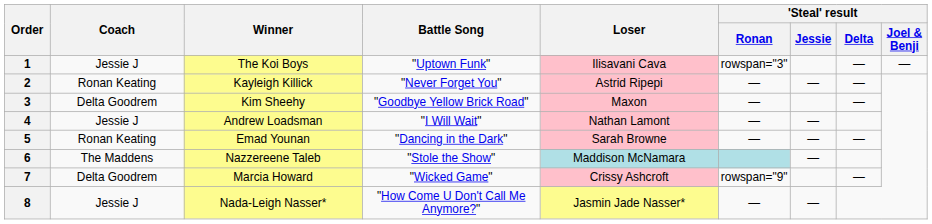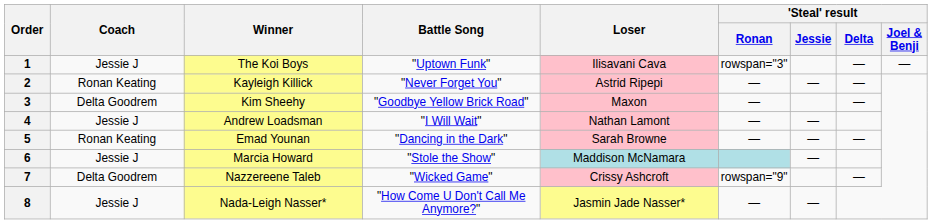 <table class="wikitable" style="text-align: center; width: auto;">
 <tr>
 <th rowspan="2" style="width:5%;">Order</th>
 <th rowspan="2" style="width:15%;">Coach</th>
 <th rowspan="2" style="width:20%;">Winner</th>
 <th rowspan="2" style="width:20%;">Battle Song</th>
 <th rowspan="2" style="width:20%;">Loser</th>
 <th colspan="4" style="width:20%;">'Steal' result</th>
 </tr>
 <tr>
 <th style="width:5%;"><a href='#'>Ronan</a></th>
 <th style="width:5%;"><a href='#'>Jessie</a></th>
 <th style="width:5%;"><a href='#'>Delta</a></th>
 <th style="width:5%;"><a href='#'>Joel & Benji</a></th>
 </tr>
 <tr>
 <th>1</th>
 <td>Jessie J</td>
 <td style="background:#fdfc8f">The Koi Boys</td>
 <td>"<a href='#'>Uptown Funk</a>"</td>
 <td style="background:pink">Ilisavani Cava</td>
 <td>rowspan="3" </td>
 <td></td>
 <td>—</td>
 <td>—</td>
 </tr>
 <tr>
 <th>2</th>
 <td>Ronan Keating</td>
 <td style="background:#fdfc8f">Kayleigh Killick</td>
 <td>"<a href='#'>Never Forget You</a>"</td>
 <td style="background:pink">Astrid Ripepi</td>
 <td>—</td>
 <td>—</td>
 <td>—</td>
 </tr>
 <tr>
 <th>3</th>
 <td>Delta Goodrem</td>
 <td style="background:#fdfc8f">Kim Sheehy</td>
 <td>"<a href='#'>Goodbye Yellow Brick Road</a>"</td>
 <td style="background:pink">Maxon</td>
 <td>—</td>
 <td></td>
 <td>—</td>
 </tr>
 <tr>
 <th>4</th>
 <td>Jessie J</td>
 <td style="background:#fdfc8f">Andrew Loadsman</td>
 <td>"<a href='#'>I Will Wait</a>"</td>
 <td style="background:pink">Nathan Lamont</td>
 <td>—</td>
 <td>—</td>
 <td></td>
 </tr>
 <tr>
 <th>5</th>
 <td>Ronan Keating</td>
 <td style="background:#fdfc8f">Emad Younan</td>
 <td>"<a href='#'>Dancing in the Dark</a>"</td>
 <td style="background:pink">Sarah Browne</td>
 <td>—</td>
 <td>—</td>
 <td>—</td>
 </tr>
 <tr>
 <th>6</th>
-<td>The Maddens</td>
-<td style="background:#fdfc8f">Nazzereene Taleb</td>
+<td>Jessie J</td>
+<td style="background:#fdfc8f">Marcia Howard</td>
 <td>"<a href='#'>Stole the Show</a>"</td>
 <td style="background:#B0E0E6">Maddison McNamara</td>
 <td style="background:#B0E0E6;"><strong></strong></td>
 <td>—</td>
 <td></td>
 </tr>
 <tr>
 <th>7</th>
 <td>Delta Goodrem</td>
-<td style="background:#fdfc8f">Marcia Howard</td>
+<td style="background:#fdfc8f">Nazzereene Taleb</td>
 <td>"<a href='#'>Wicked Game</a>"</td>
 <td style="background:pink">Crissy Ashcroft</td>
 <td>rowspan="9" </td>
 <td></td>
 <td>—</td>
 </tr>
 <tr>
 <th>8</th>
 <td>Jessie J</td>
 <td style="background:#fdfc8f">Nada-Leigh Nasser*</td>
 <td>"<a href='#'>How Come U Don't Call Me Anymore?</a>"</td>
 <td style="background:#fdfc8f">Jasmin Jade Nasser*</td>
 <td>—</td>
 <td>—</td>
 </tr>
 </table>
